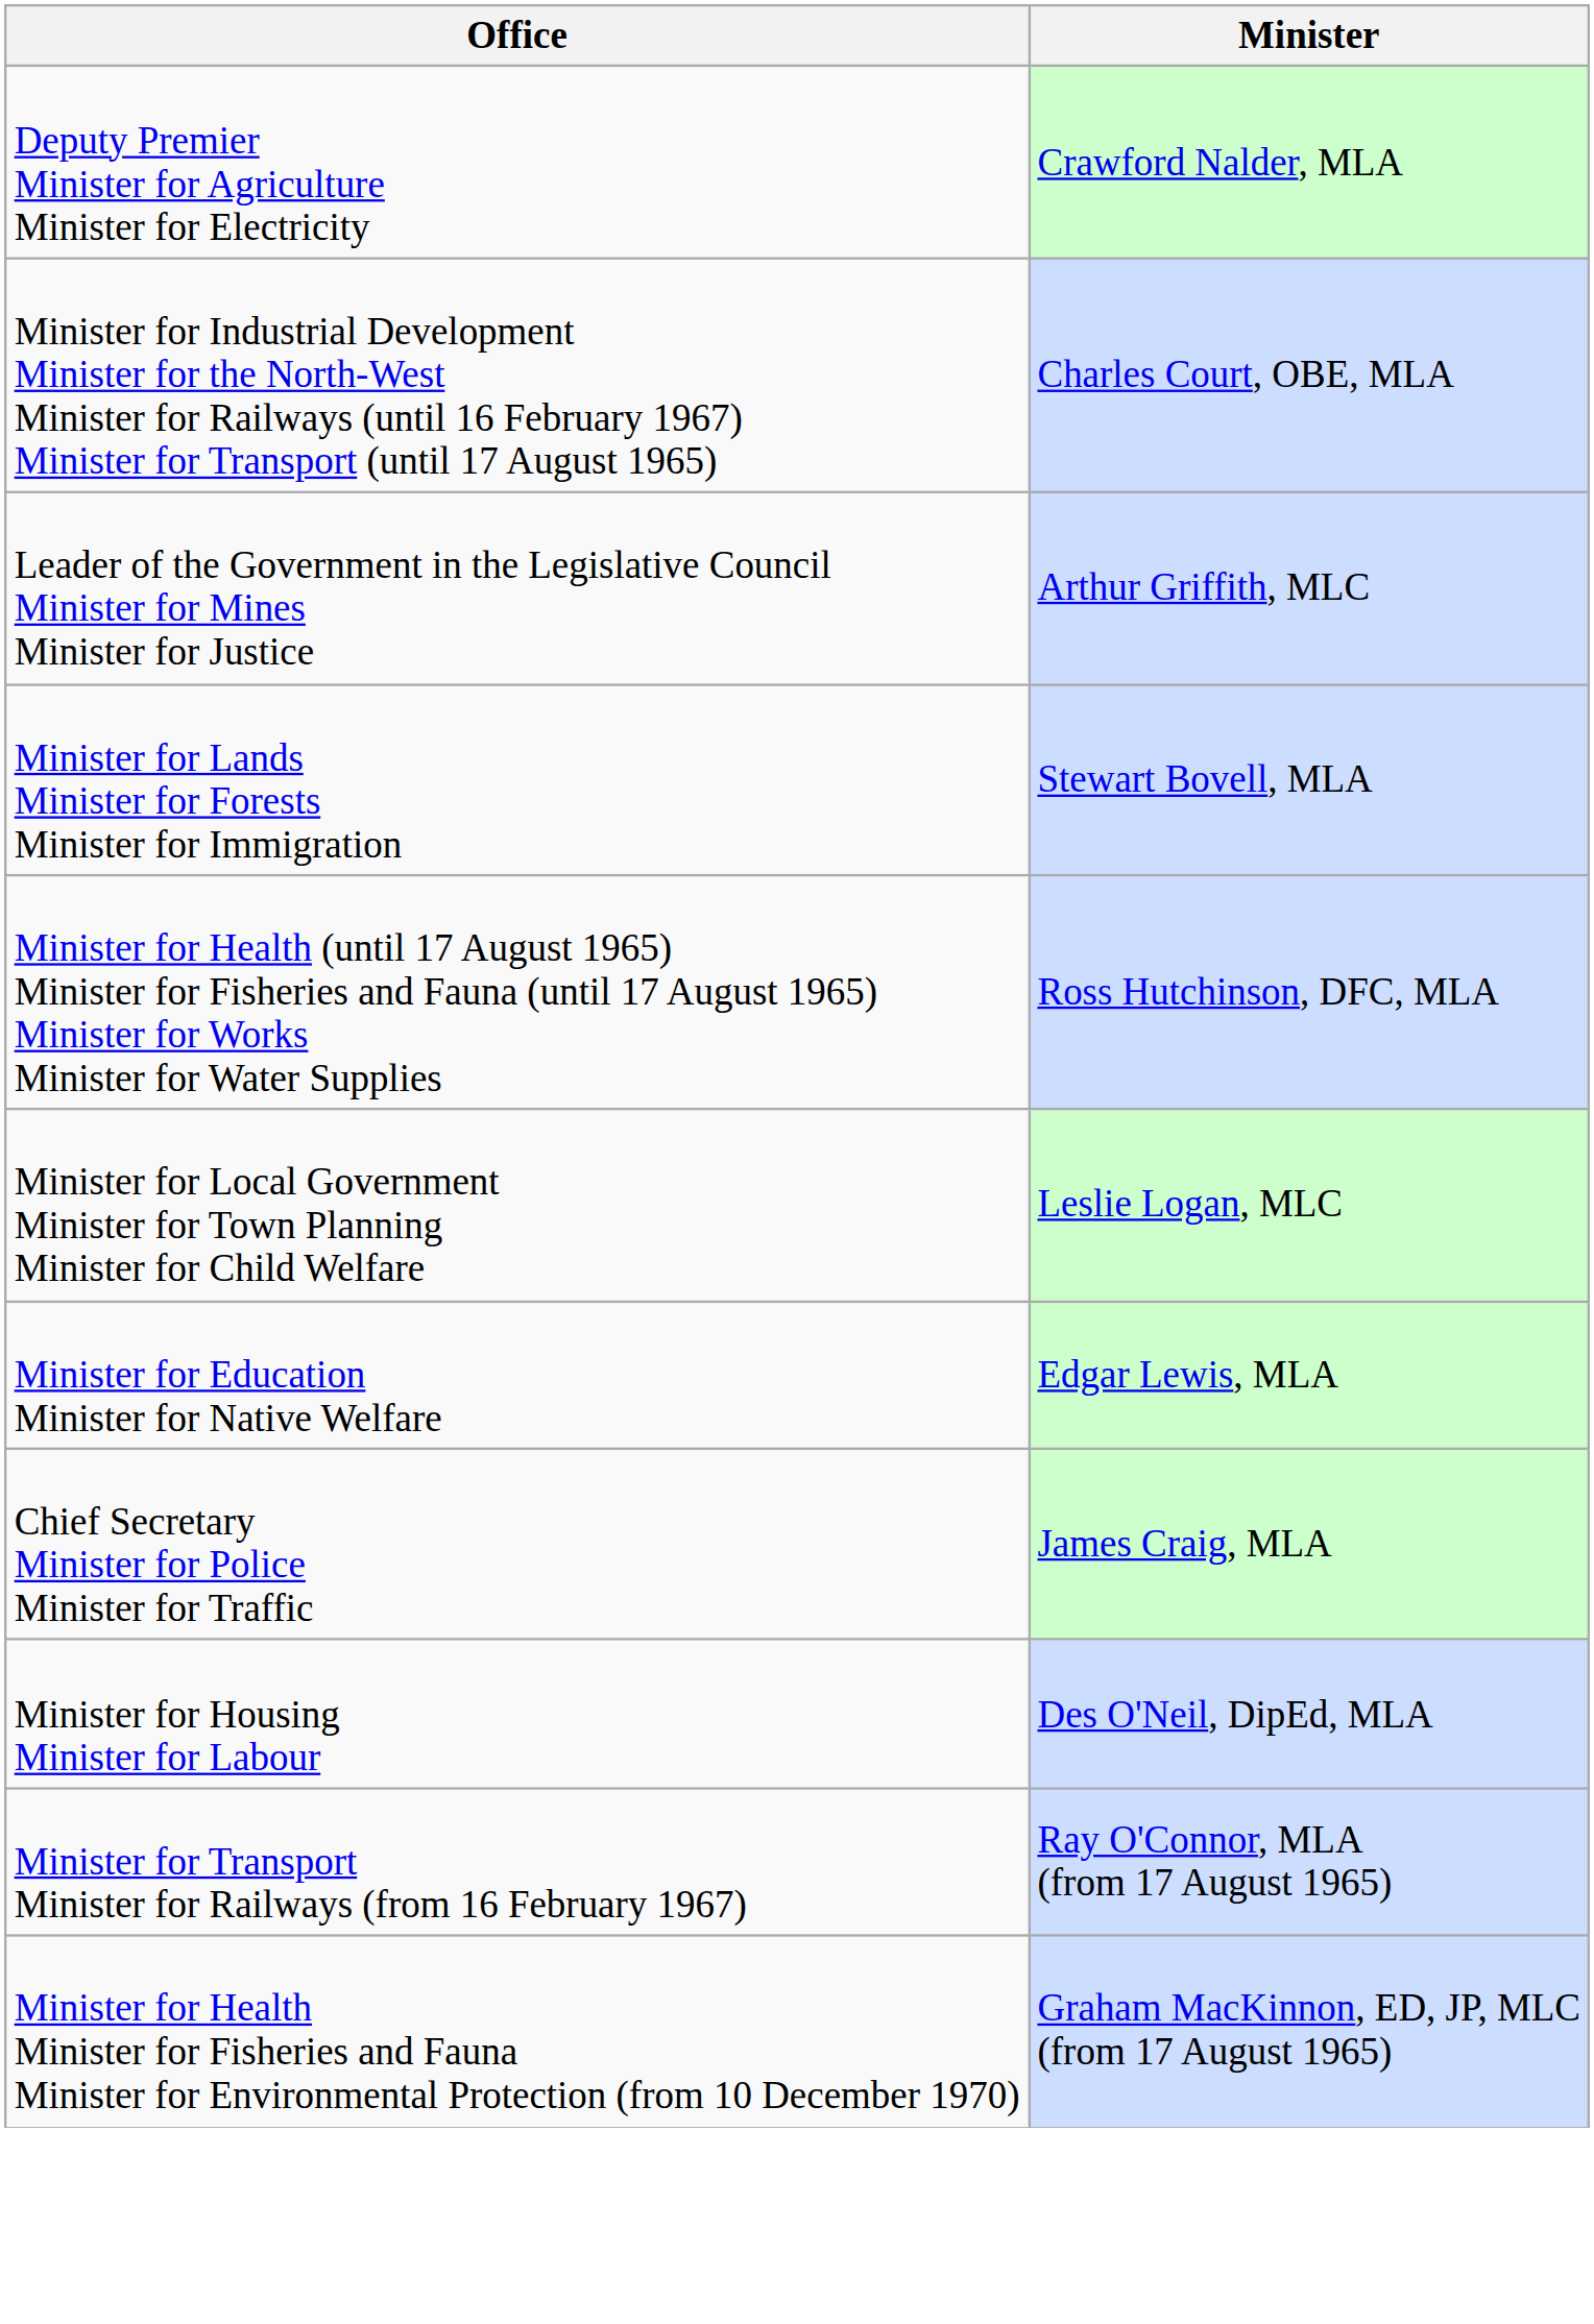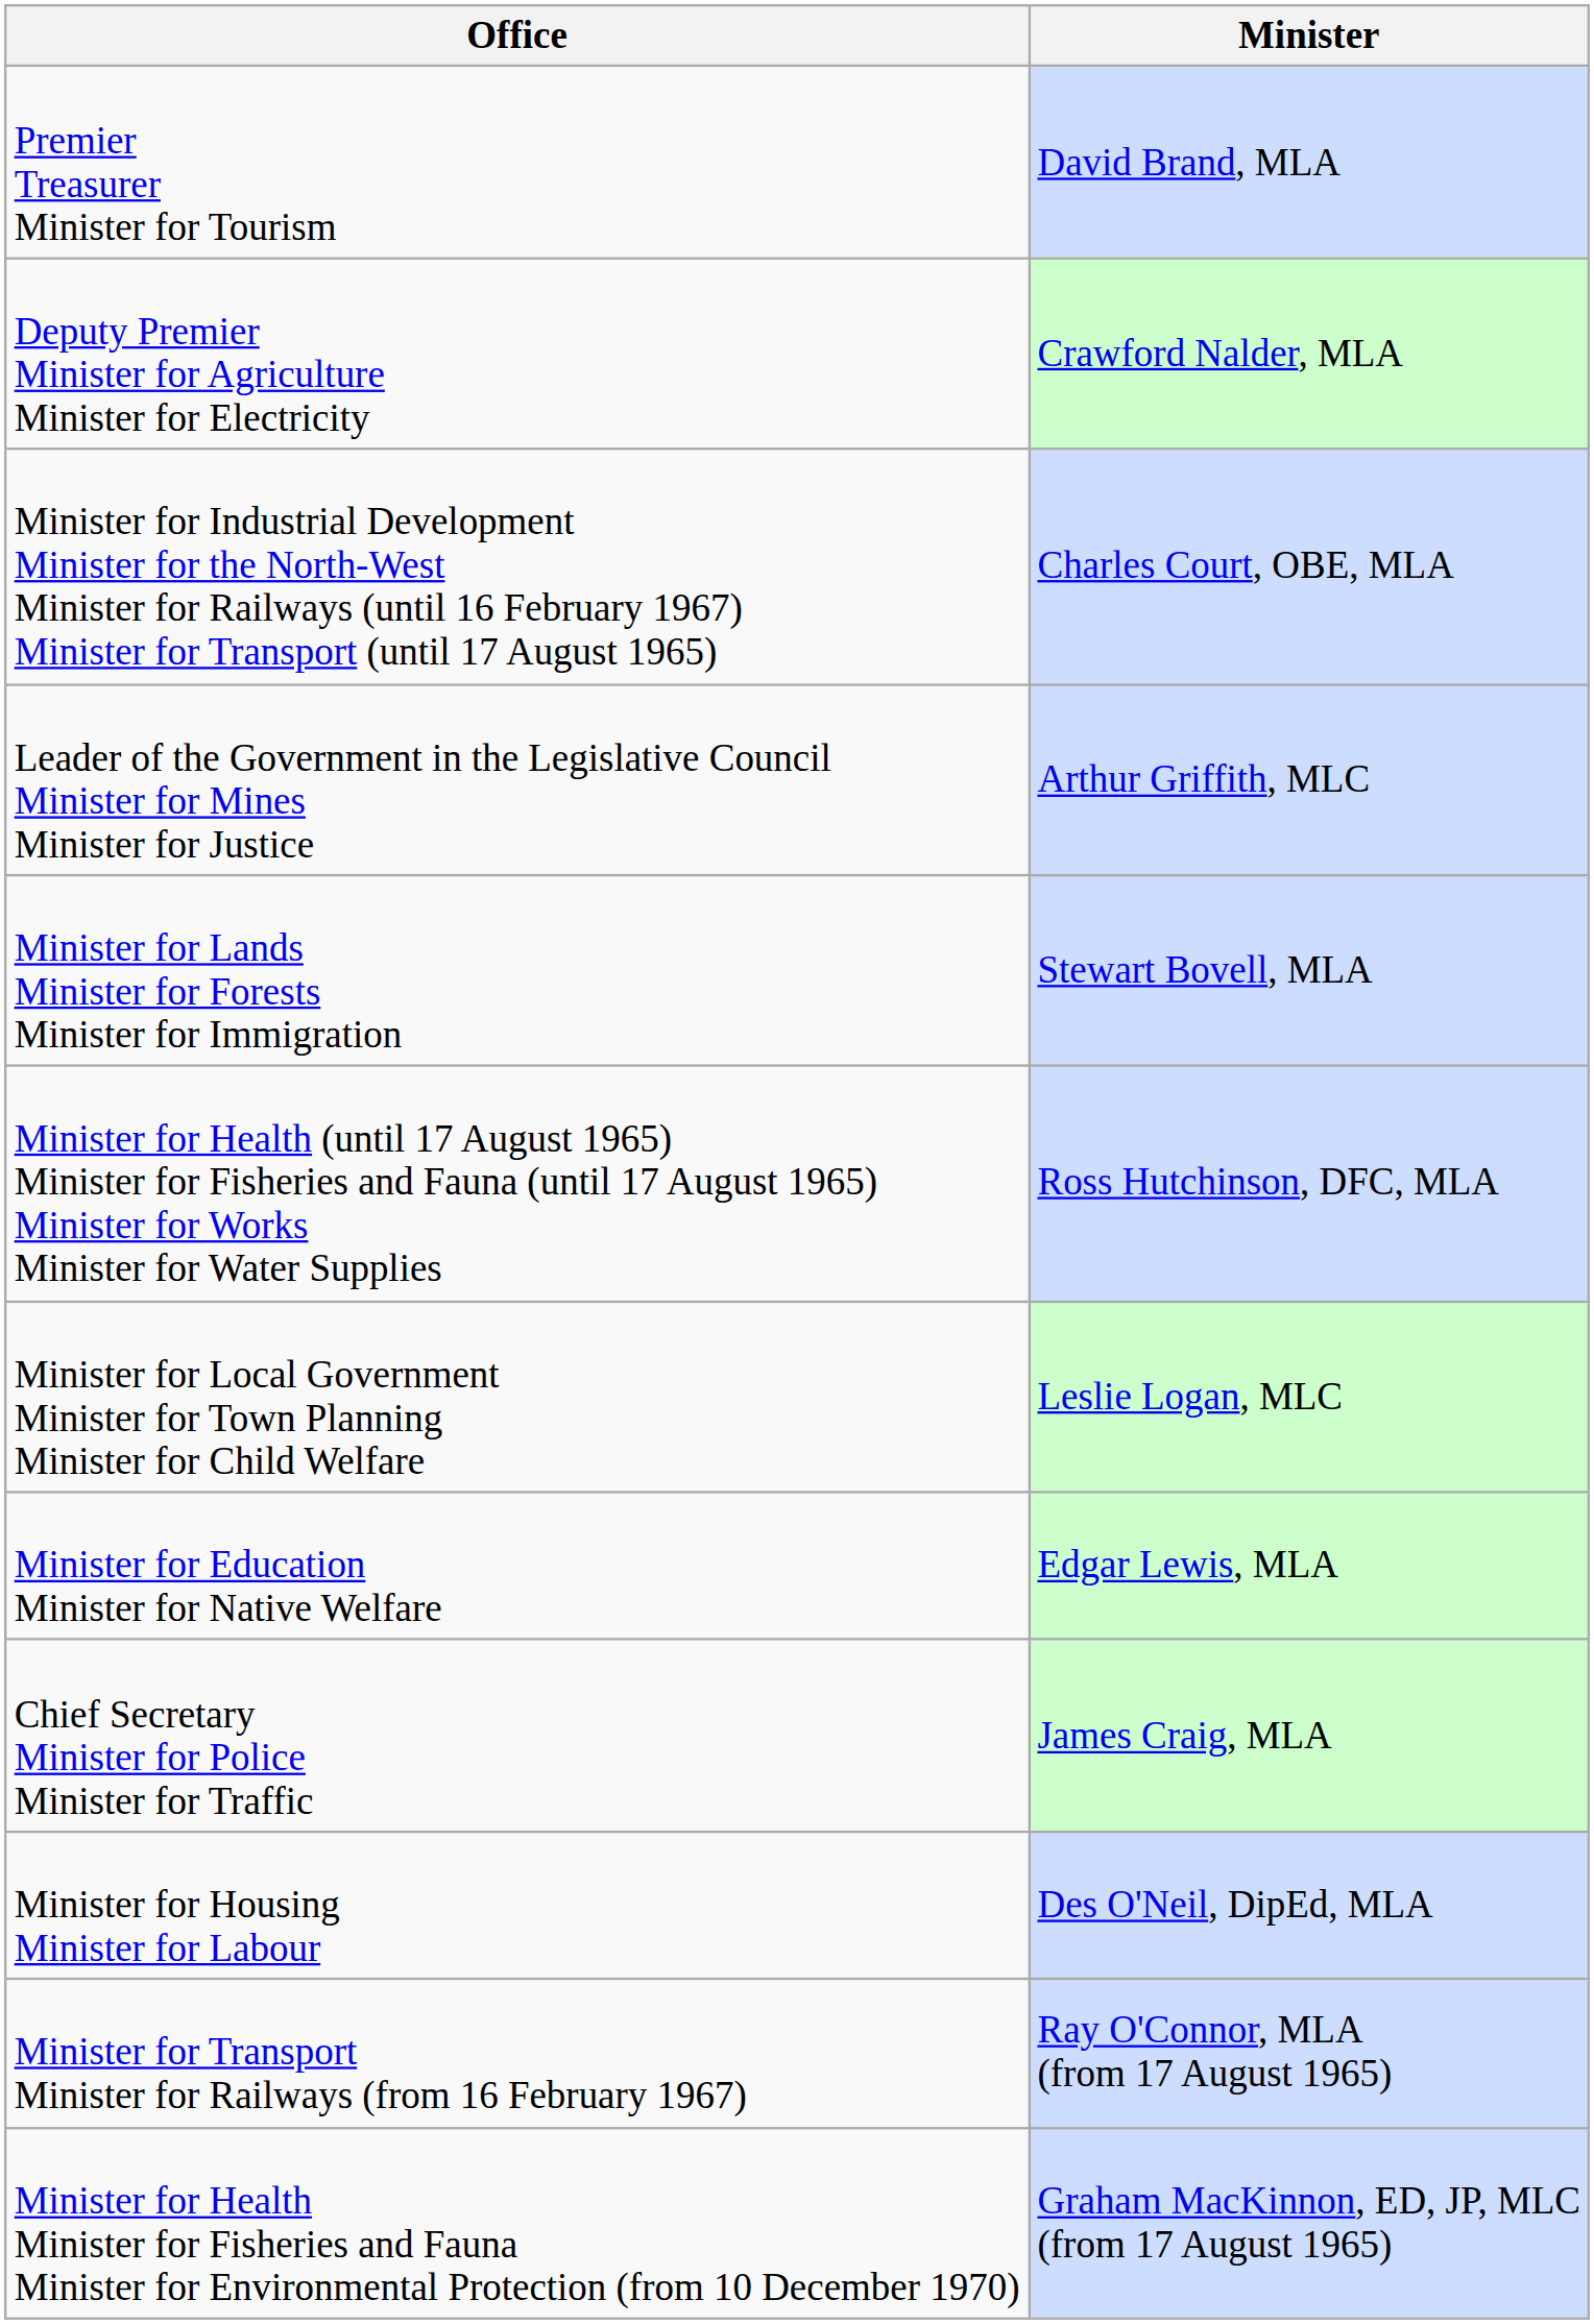 <table class="wikitable">
 <tr>
 <th>Office</th>
 <th>Minister</th>
+</tr>
+<tr>
+<td><br><a href='#'>Premier</a><br> <a href='#'>Treasurer</a><br> Minister for Tourism<br></td>
+<td style="background:#CCDDFF"><a href='#'>David Brand</a>, MLA</td>
 </tr>
 <tr>
 <td><br><a href='#'>Deputy Premier</a><br> <a href='#'>Minister for Agriculture</a><br> Minister for Electricity<br></td>
 <td style="background:#CCFFCC"><a href='#'>Crawford Nalder</a>, MLA</td>
 </tr>
 <tr>
 <td><br>Minister for Industrial Development<br> <a href='#'>Minister for the North-West</a><br> Minister for Railways (until 16 February 1967)<br> <a href='#'>Minister for Transport</a> (until 17 August 1965)<br></td>
 <td style="background:#CCDDFF"><a href='#'>Charles Court</a>, OBE, MLA</td>
 </tr>
 <tr>
 <td><br>Leader of the Government in the Legislative Council<br> <a href='#'>Minister for Mines</a><br> Minister for Justice<br></td>
 <td style="background:#CCDDFF"><a href='#'>Arthur Griffith</a>, MLC</td>
 </tr>
 <tr>
 <td><br><a href='#'>Minister for Lands</a><br> <a href='#'>Minister for Forests</a><br> Minister for Immigration<br></td>
 <td style="background:#CCDDFF"><a href='#'>Stewart Bovell</a>, MLA</td>
 </tr>
 <tr>
 <td><br><a href='#'>Minister for Health</a> (until 17 August 1965)<br> Minister for Fisheries and Fauna (until 17 August 1965)<br> <a href='#'>Minister for Works</a><br> Minister for Water Supplies<br></td>
 <td style="background:#CCDDFF"><a href='#'>Ross Hutchinson</a>, DFC, MLA</td>
 </tr>
 <tr>
 <td><br>Minister for Local Government<br> Minister for Town Planning<br> Minister for Child Welfare<br></td>
 <td style="background:#CCFFCC"><a href='#'>Leslie Logan</a>, MLC</td>
 </tr>
 <tr>
 <td><br><a href='#'>Minister for Education</a><br> Minister for Native Welfare<br></td>
 <td style="background:#CCFFCC"><a href='#'>Edgar Lewis</a>, MLA</td>
 </tr>
 <tr>
 <td><br>Chief Secretary<br> <a href='#'>Minister for Police</a><br> Minister for Traffic<br></td>
 <td style="background:#CCFFCC"><a href='#'>James Craig</a>, MLA</td>
 </tr>
 <tr>
 <td><br>Minister for Housing<br> <a href='#'>Minister for Labour</a><br></td>
 <td style="background:#CCDDFF"><a href='#'>Des O'Neil</a>, DipEd, MLA</td>
 </tr>
 <tr>
 <td><br><a href='#'>Minister for Transport</a><br> Minister for Railways (from 16 February 1967)<br></td>
 <td style="background:#CCDDFF"><a href='#'>Ray O'Connor</a>, MLA<br>(from 17 August 1965)</td>
 </tr>
 <tr>
 <td><br><a href='#'>Minister for Health</a><br> Minister for Fisheries and Fauna<br> Minister for Environmental Protection (from 10 December 1970)<br></td>
 <td style="background:#CCDDFF"><a href='#'>Graham MacKinnon</a>, ED, JP, MLC<br>(from 17 August 1965)</td>
 </tr>
 </table>
